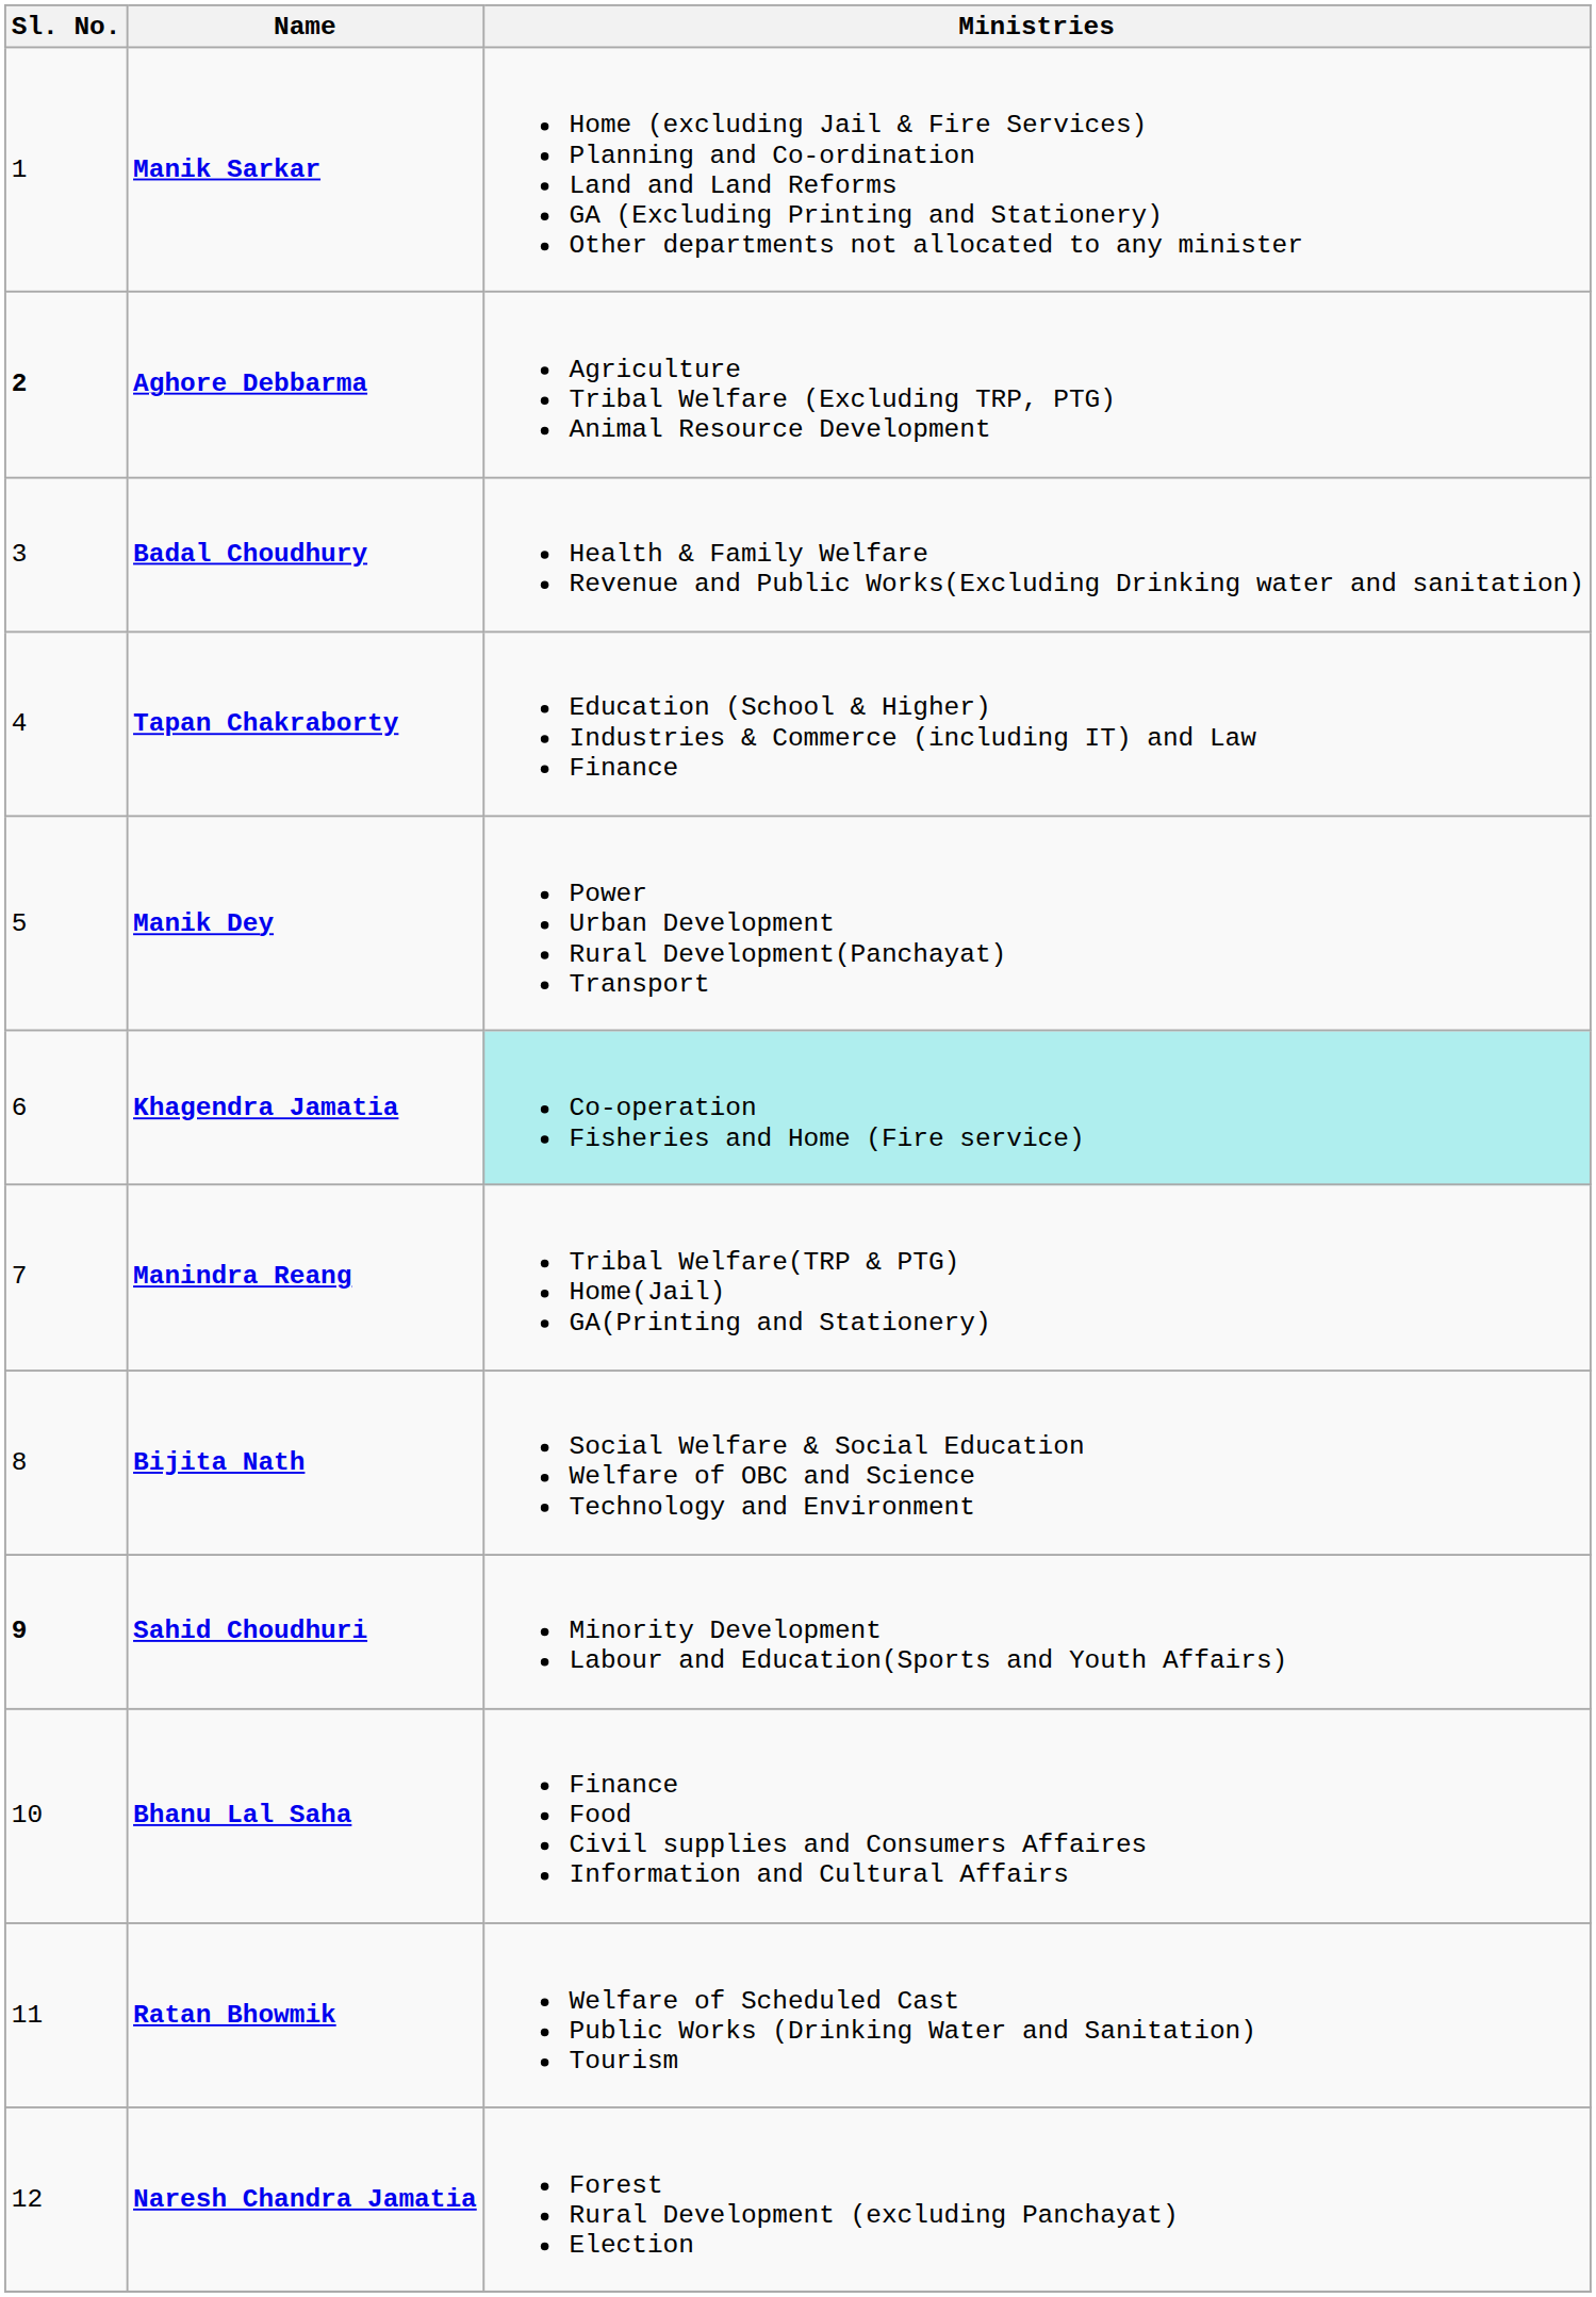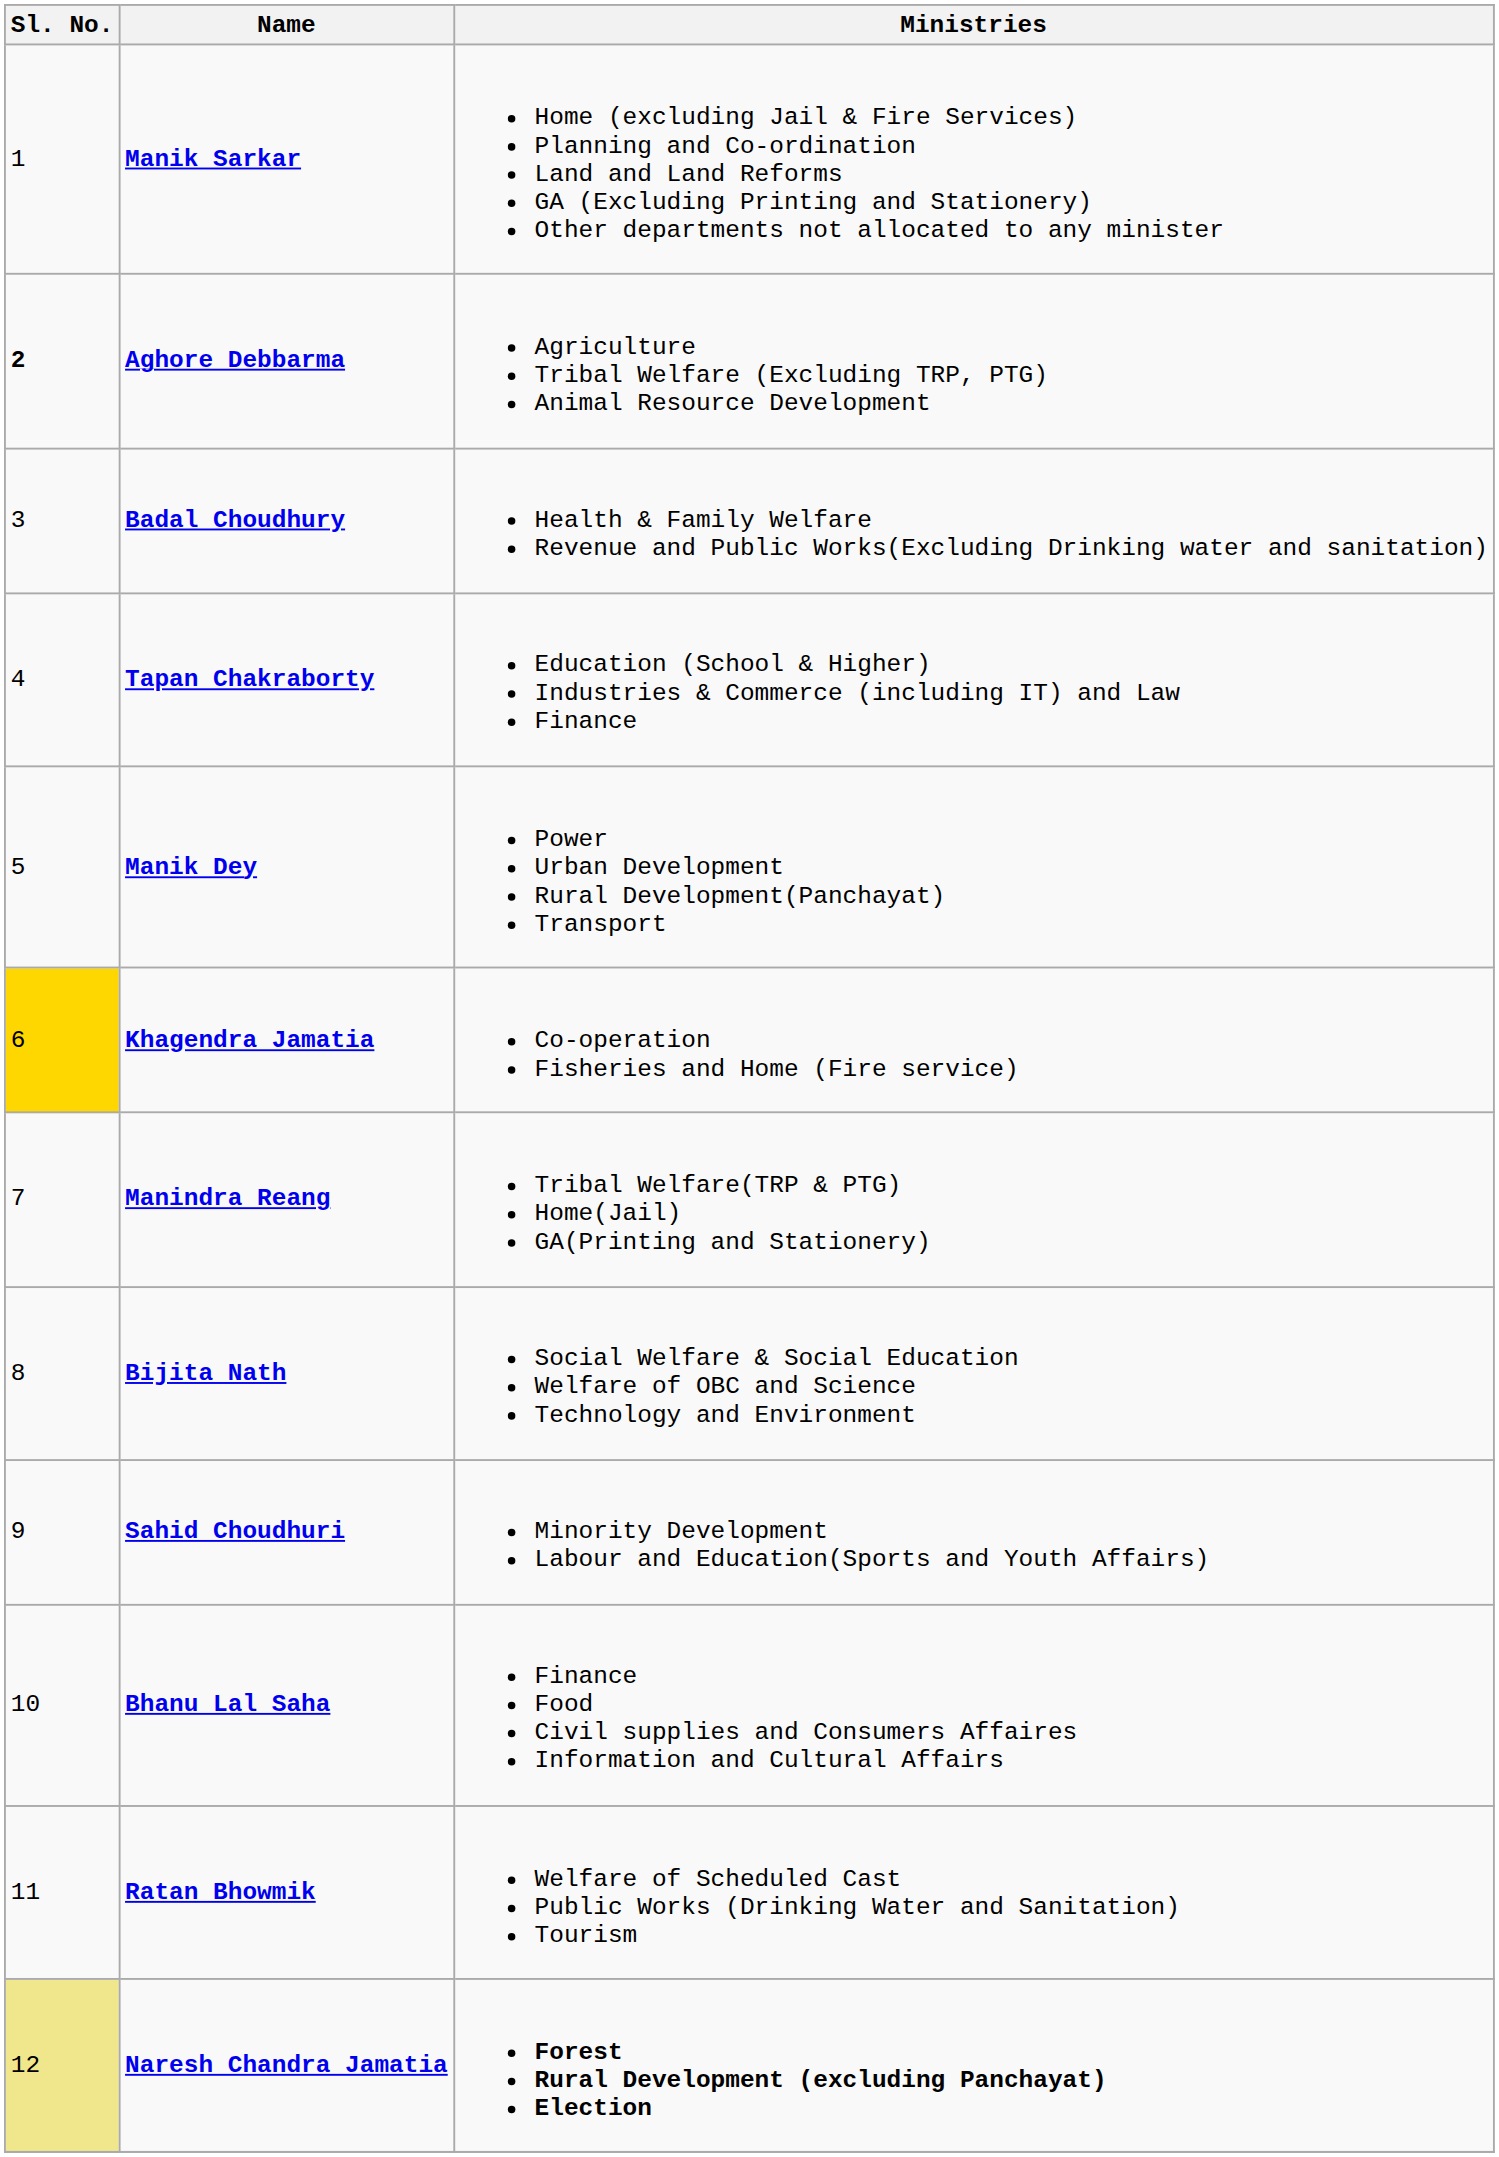 <table class="wikitable sortable">
 <tr>
 <th>Sl. No.</th>
 <th>Name</th>
 <th>Ministries</th>
 </tr>
 <tr>
 <td>1</td>
 <td><strong><a href='#'>Manik Sarkar</a></strong></td>
 <td><br><ul><li>Home (excluding Jail & Fire Services)</li><li>Planning and Co-ordination</li><li>Land and Land Reforms</li><li>GA (Excluding Printing and Stationery)</li><li>Other departments not allocated to any minister</li></ul></td>
 </tr>
 <tr>
 <td><strong>2</strong></td>
 <td><strong><a href='#'>Aghore Debbarma</a></strong></td>
 <td><br><ul><li>Agriculture</li><li>Tribal Welfare (Excluding TRP, PTG)</li><li>Animal Resource Development</li></ul></td>
 </tr>
 <tr>
 <td>3</td>
 <td><strong><a href='#'>Badal Choudhury</a></strong></td>
 <td><br><ul><li>Health & Family Welfare</li><li>Revenue and Public Works(Excluding Drinking water and sanitation)</li></ul></td>
 </tr>
 <tr>
 <td>4</td>
 <td><strong><a href='#'>Tapan Chakraborty</a></strong></td>
 <td><br><ul><li>Education (School & Higher)</li><li>Industries & Commerce (including IT) and Law</li><li>Finance</li></ul></td>
 </tr>
 <tr>
 <td>5</td>
 <td><strong><a href='#'>Manik Dey</a></strong></td>
 <td><br><ul><li>Power</li><li>Urban Development</li><li>Rural Development(Panchayat)</li><li>Transport</li></ul></td>
 </tr>
 <tr>
-<td>6</td>
+<td style="background: gold;">6</td>
 <td><strong><a href='#'>Khagendra Jamatia</a></strong></td>
-<td style="background: paleturquoise;"><br><ul><li>Co-operation</li><li>Fisheries and Home (Fire service)</li></ul></td>
+<td><br><ul><li>Co-operation</li><li>Fisheries and Home (Fire service)</li></ul></td>
 </tr>
 <tr>
 <td>7</td>
 <td><strong><a href='#'>Manindra Reang</a></strong></td>
 <td><br><ul><li>Tribal Welfare(TRP & PTG)</li><li>Home(Jail)</li><li>GA(Printing and Stationery)</li></ul></td>
 </tr>
 <tr>
 <td>8</td>
 <td><strong><a href='#'>Bijita Nath</a></strong></td>
 <td><br><ul><li>Social Welfare & Social Education</li><li>Welfare of OBC and Science</li><li>Technology and Environment</li></ul></td>
 </tr>
 <tr>
-<td><strong>9</strong></td>
+<td>9</td>
 <td><strong><a href='#'>Sahid Choudhuri</a></strong></td>
 <td><br><ul><li>Minority Development</li><li>Labour and Education(Sports and Youth Affairs)</li></ul></td>
 </tr>
 <tr>
 <td>10</td>
 <td><strong><a href='#'>Bhanu Lal Saha</a></strong></td>
 <td><br><ul><li>Finance</li><li>Food</li><li>Civil supplies and Consumers Affaires</li><li>Information and Cultural Affairs</li></ul></td>
 </tr>
 <tr>
 <td>11</td>
 <td><strong><a href='#'>Ratan Bhowmik</a></strong></td>
 <td><br><ul><li>Welfare of Scheduled Cast</li><li>Public Works (Drinking Water and Sanitation)</li><li>Tourism</li></ul></td>
 </tr>
 <tr>
-<td>12</td>
+<td style="background: khaki;">12</td>
 <td><strong><a href='#'>Naresh Chandra Jamatia</a></strong></td>
-<td><br><ul><li>Forest</li><li>Rural Development (excluding Panchayat)</li><li>Election</li></ul></td>
+<td><strong><br><ul><li>Forest</li><li>Rural Development (excluding Panchayat)</li><li>Election</li></ul></strong></td>
 </tr>
 <tr>
 </tr>
 </table>
